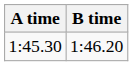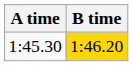 <table class="wikitable" border="1" align="upright">
 <tr>
 <th>A time</th>
 <th>B time</th>
 </tr>
 <tr>
 <td>1:45.30</td>
-<td>1:46.20</td>
+<td style="background: gold;">1:46.20</td>
 </tr>
 </table>
